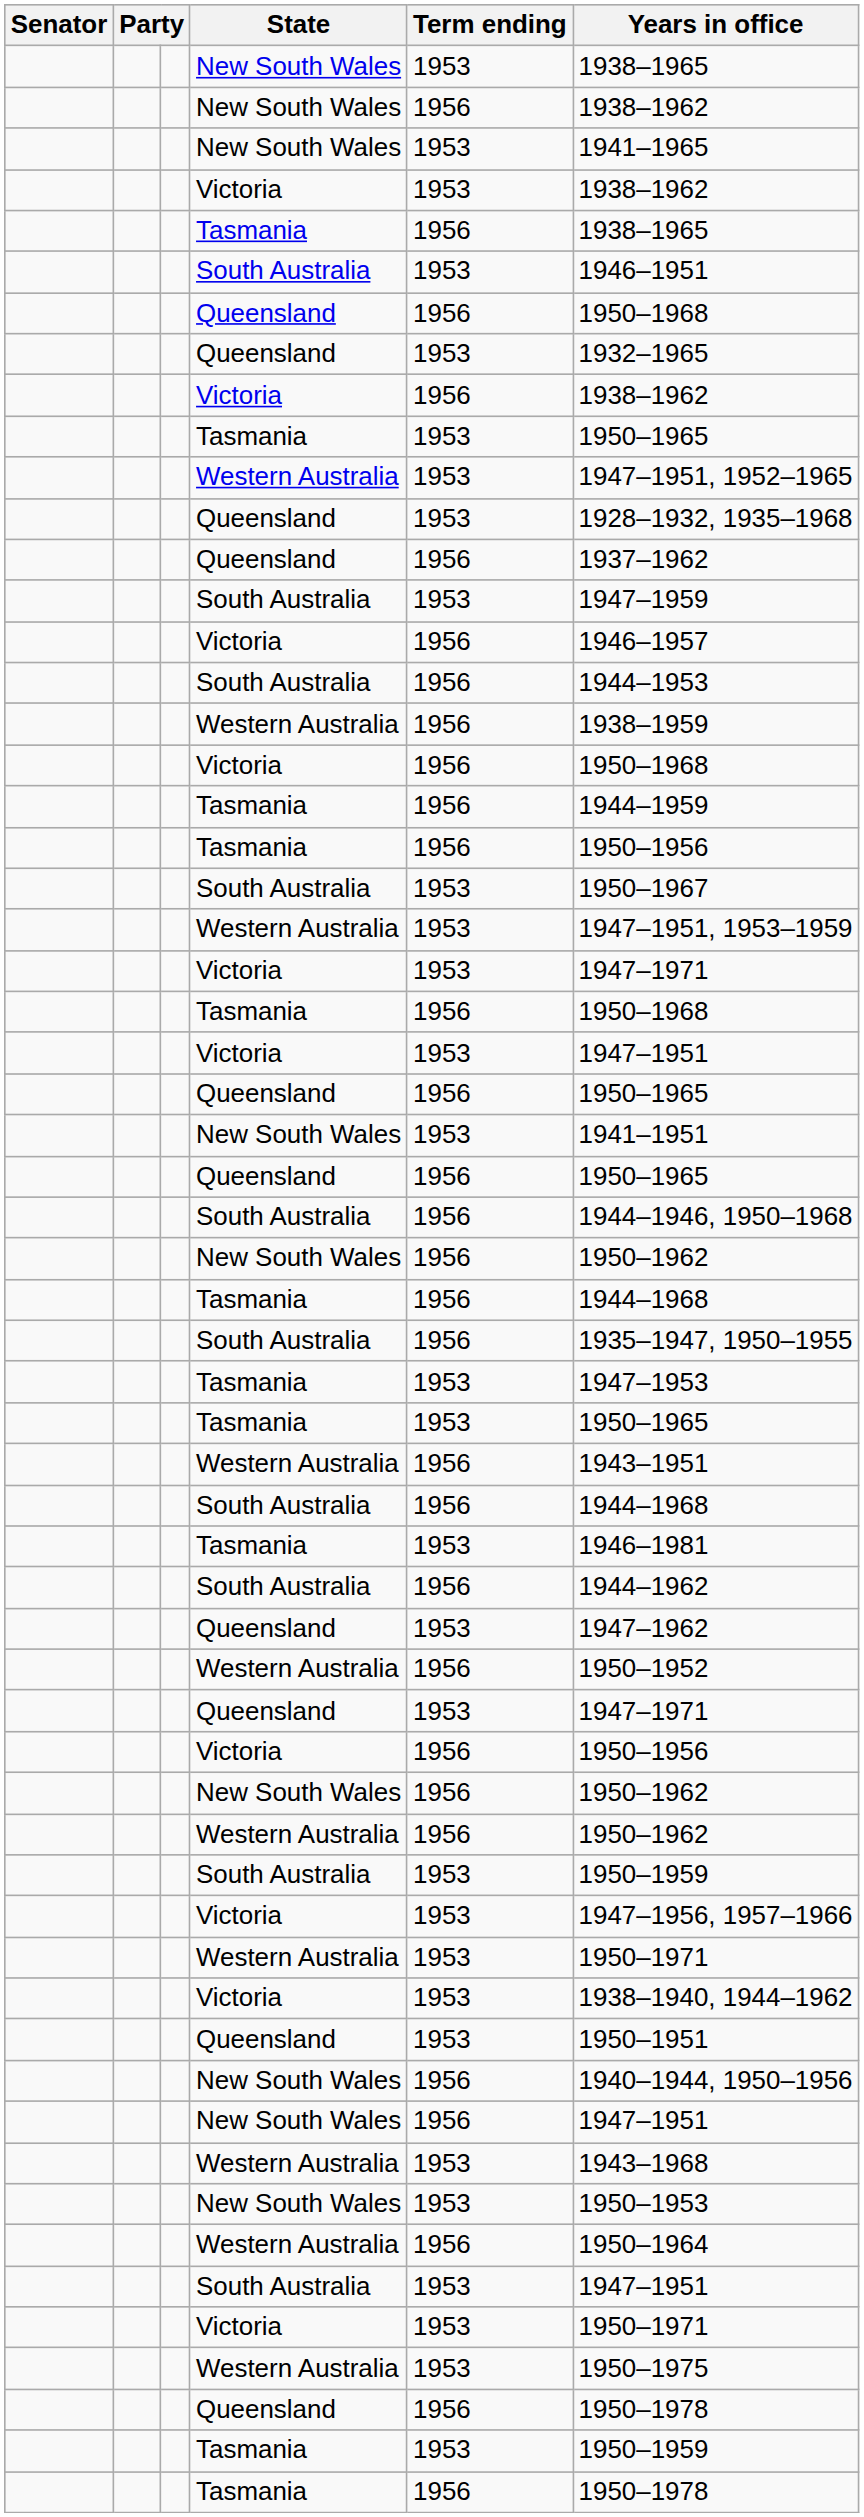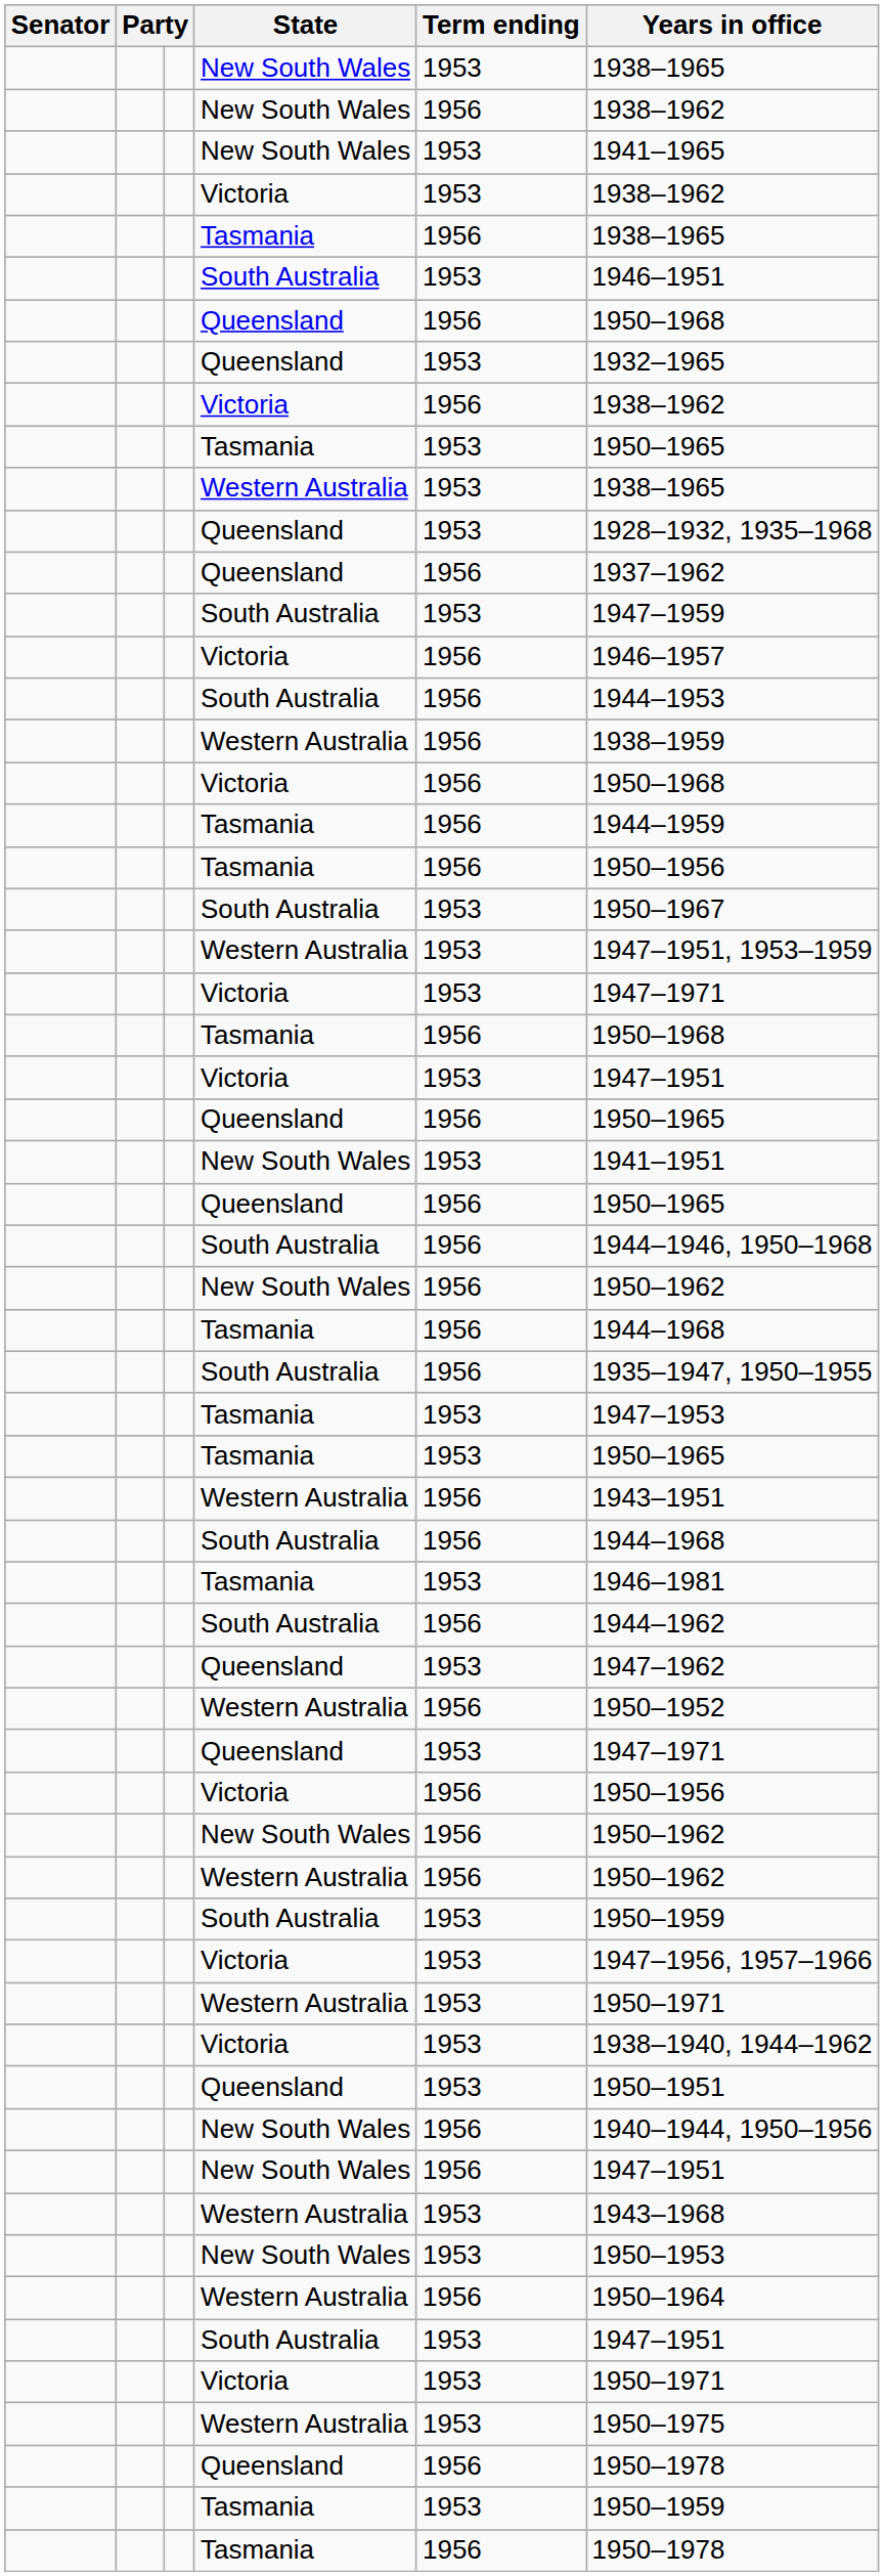 <table class="wikitable sortable">
 <tr>
 <th>Senator</th>
 <th colspan=2>Party</th>
 <th>State</th>
 <th>Term ending</th>
 <th>Years in office</th>
 </tr>
 <tr>
 <td></td>
 <td> </td>
 <td></td>
 <td><a href='#'>New South Wales</a></td>
 <td>1953</td>
 <td>1938–1965</td>
 </tr>
 <tr>
 <td></td>
 <td> </td>
 <td></td>
 <td>New South Wales</td>
 <td>1956</td>
 <td>1938–1962</td>
 </tr>
 <tr>
 <td></td>
 <td> </td>
 <td></td>
 <td>New South Wales</td>
 <td>1953</td>
 <td>1941–1965</td>
 </tr>
 <tr>
 <td></td>
 <td> </td>
 <td></td>
 <td>Victoria</td>
 <td>1953</td>
 <td>1938–1962</td>
 </tr>
 <tr>
 <td></td>
 <td> </td>
 <td></td>
 <td><a href='#'>Tasmania</a></td>
 <td>1956</td>
 <td>1938–1965</td>
 </tr>
 <tr>
 <td></td>
 <td> </td>
 <td></td>
 <td><a href='#'>South Australia</a></td>
 <td>1953</td>
 <td>1946–1951</td>
 </tr>
 <tr>
 <td></td>
 <td> </td>
 <td></td>
 <td><a href='#'>Queensland</a></td>
 <td>1956</td>
 <td>1950–1968</td>
 </tr>
 <tr>
 <td> </td>
 <td> </td>
 <td></td>
 <td>Queensland</td>
 <td>1953</td>
 <td>1932–1965</td>
 </tr>
 <tr>
 <td></td>
 <td> </td>
 <td></td>
 <td><a href='#'>Victoria</a></td>
 <td>1956</td>
 <td>1938–1962</td>
 </tr>
 <tr>
 <td></td>
 <td> </td>
 <td></td>
 <td>Tasmania</td>
 <td>1953 </td>
 <td>1950–1965</td>
 </tr>
 <tr>
 <td></td>
 <td> </td>
 <td></td>
 <td><a href='#'>Western Australia</a></td>
 <td>1953</td>
-<td>1947–1951, 1952–1965</td>
+<td>1938–1965</td>
 </tr>
 <tr>
 <td></td>
 <td> </td>
 <td></td>
 <td>Queensland</td>
 <td>1953</td>
 <td>1928–1932, 1935–1968</td>
 </tr>
 <tr>
 <td></td>
 <td> </td>
 <td></td>
 <td>Queensland</td>
 <td>1956</td>
 <td>1937–1962</td>
 </tr>
 <tr>
 <td></td>
 <td> </td>
 <td></td>
 <td>South Australia</td>
 <td>1953</td>
 <td>1947–1959</td>
 </tr>
 <tr>
 <td></td>
 <td> </td>
 <td></td>
 <td>Victoria</td>
 <td>1956</td>
 <td>1946–1957</td>
 </tr>
 <tr>
 <td></td>
 <td> </td>
 <td></td>
 <td>South Australia</td>
 <td>1956</td>
 <td>1944–1953</td>
 </tr>
 <tr>
 <td></td>
 <td> </td>
 <td></td>
 <td>Western Australia</td>
 <td>1956</td>
 <td>1938–1959</td>
 </tr>
 <tr>
 <td></td>
 <td> </td>
 <td></td>
 <td>Victoria</td>
 <td>1956 </td>
 <td>1950–1968</td>
 </tr>
 <tr>
 <td></td>
 <td> </td>
 <td></td>
 <td>Tasmania</td>
 <td>1956</td>
 <td>1944–1959</td>
 </tr>
 <tr>
 <td></td>
 <td> </td>
 <td></td>
 <td>Tasmania</td>
 <td>1956 </td>
 <td>1950–1956</td>
 </tr>
 <tr>
 <td></td>
 <td> </td>
 <td></td>
 <td>South Australia</td>
 <td>1953 </td>
 <td>1950–1967</td>
 </tr>
 <tr>
 <td></td>
 <td> </td>
 <td></td>
 <td>Western Australia</td>
 <td>1953</td>
 <td>1947–1951, 1953–1959</td>
 </tr>
 <tr>
 <td></td>
 <td> </td>
 <td></td>
 <td>Victoria</td>
 <td>1953</td>
 <td>1947–1971</td>
 </tr>
 <tr>
 <td></td>
 <td> </td>
 <td></td>
 <td>Tasmania</td>
 <td>1956</td>
 <td>1950–1968</td>
 </tr>
 <tr>
 <td></td>
 <td> </td>
 <td></td>
 <td>Victoria</td>
 <td>1953</td>
 <td>1947–1951</td>
 </tr>
 <tr>
 <td></td>
 <td> </td>
 <td></td>
 <td>Queensland</td>
 <td>1956 </td>
 <td>1950–1965</td>
 </tr>
 <tr>
 <td></td>
 <td> </td>
 <td></td>
 <td>New South Wales</td>
 <td>1953</td>
 <td>1941–1951</td>
 </tr>
 <tr>
 <td></td>
 <td> </td>
 <td></td>
 <td>Queensland</td>
 <td>1956 </td>
 <td>1950–1965</td>
 </tr>
 <tr>
 <td></td>
 <td> </td>
 <td></td>
 <td>South Australia</td>
 <td>1956 </td>
 <td>1944–1946, 1950–1968</td>
 </tr>
 <tr>
 <td></td>
 <td> </td>
 <td></td>
 <td>New South Wales</td>
 <td>1956 </td>
 <td>1950–1962</td>
 </tr>
 <tr>
 <td></td>
 <td> </td>
 <td></td>
 <td>Tasmania</td>
 <td>1956</td>
 <td>1944–1968</td>
 </tr>
 <tr>
 <td></td>
 <td> </td>
 <td></td>
 <td>South Australia</td>
 <td>1956 </td>
 <td>1935–1947, 1950–1955</td>
 </tr>
 <tr>
 <td></td>
 <td> </td>
 <td></td>
 <td>Tasmania</td>
 <td>1953</td>
 <td>1947–1953</td>
 </tr>
 <tr>
 <td></td>
 <td> </td>
 <td></td>
 <td>Tasmania</td>
 <td>1953</td>
 <td>1950–1965</td>
 </tr>
 <tr>
 <td></td>
 <td> </td>
 <td></td>
 <td>Western Australia</td>
 <td>1956</td>
 <td>1943–1951</td>
 </tr>
 <tr>
 <td></td>
 <td> </td>
 <td></td>
 <td>South Australia</td>
 <td>1956</td>
 <td>1944–1968</td>
 </tr>
 <tr>
 <td></td>
 <td> </td>
 <td></td>
 <td>Tasmania</td>
 <td>1953</td>
 <td>1946–1981</td>
 </tr>
 <tr>
 <td></td>
 <td> </td>
 <td></td>
 <td>South Australia</td>
 <td>1956</td>
 <td>1944–1962</td>
 </tr>
 <tr>
 <td></td>
 <td> </td>
 <td></td>
 <td>Queensland</td>
 <td>1953</td>
 <td>1947–1962</td>
 </tr>
 <tr>
 <td></td>
 <td> </td>
 <td></td>
 <td>Western Australia</td>
 <td>1956 </td>
 <td>1950–1952</td>
 </tr>
 <tr>
 <td></td>
 <td> </td>
 <td></td>
 <td>Queensland</td>
 <td>1953</td>
 <td>1947–1971</td>
 </tr>
 <tr>
 <td></td>
 <td> </td>
 <td></td>
 <td>Victoria</td>
 <td>1956 </td>
 <td>1950–1956</td>
 </tr>
 <tr>
 <td></td>
 <td> </td>
 <td></td>
 <td>New South Wales</td>
 <td>1956 </td>
 <td>1950–1962</td>
 </tr>
 <tr>
 <td></td>
 <td> </td>
 <td></td>
 <td>Western Australia</td>
 <td>1956 </td>
 <td>1950–1962</td>
 </tr>
 <tr>
 <td></td>
 <td> </td>
 <td></td>
 <td>South Australia</td>
 <td>1953 </td>
 <td>1950–1959</td>
 </tr>
 <tr>
 <td></td>
 <td> </td>
 <td></td>
 <td>Victoria</td>
 <td>1953</td>
 <td>1947–1956, 1957–1966</td>
 </tr>
 <tr>
 <td></td>
 <td> </td>
 <td></td>
 <td>Western Australia</td>
 <td>1953 </td>
 <td>1950–1971</td>
 </tr>
 <tr>
 <td></td>
 <td> </td>
 <td></td>
 <td>Victoria</td>
 <td>1953</td>
 <td>1938–1940, 1944–1962</td>
 </tr>
 <tr>
 <td></td>
 <td> </td>
 <td></td>
 <td>Queensland</td>
 <td>1953 </td>
 <td>1950–1951</td>
 </tr>
 <tr>
 <td></td>
 <td> </td>
 <td></td>
 <td>New South Wales</td>
 <td>1956 </td>
 <td>1940–1944, 1950–1956</td>
 </tr>
 <tr>
 <td></td>
 <td> </td>
 <td></td>
 <td>New South Wales</td>
 <td>1956 </td>
 <td>1947–1951</td>
 </tr>
 <tr>
 <td></td>
 <td> </td>
 <td></td>
 <td>Western Australia</td>
 <td>1953</td>
 <td>1943–1968</td>
 </tr>
 <tr>
 <td></td>
 <td> </td>
 <td></td>
 <td>New South Wales</td>
 <td>1953 </td>
 <td>1950–1953</td>
 </tr>
 <tr>
 <td></td>
 <td> </td>
 <td></td>
 <td>Western Australia</td>
 <td>1956</td>
 <td>1950–1964</td>
 </tr>
 <tr>
 <td></td>
 <td> </td>
 <td></td>
 <td>South Australia</td>
 <td>1953</td>
 <td>1947–1951</td>
 </tr>
 <tr>
 <td></td>
 <td> </td>
 <td></td>
 <td>Victoria</td>
 <td>1953 </td>
 <td>1950–1971</td>
 </tr>
 <tr>
 <td></td>
 <td> </td>
 <td></td>
 <td>Western Australia</td>
 <td>1953 </td>
 <td>1950–1975</td>
 </tr>
 <tr>
 <td></td>
 <td> </td>
 <td></td>
 <td>Queensland</td>
 <td>1956 </td>
 <td>1950–1978</td>
 </tr>
 <tr>
 <td></td>
 <td> </td>
 <td></td>
 <td>Tasmania</td>
 <td>1953 </td>
 <td>1950–1959</td>
 </tr>
 <tr>
 <td></td>
 <td> </td>
 <td></td>
 <td>Tasmania</td>
 <td>1956 </td>
 <td>1950–1978</td>
 </tr>
 </table>
